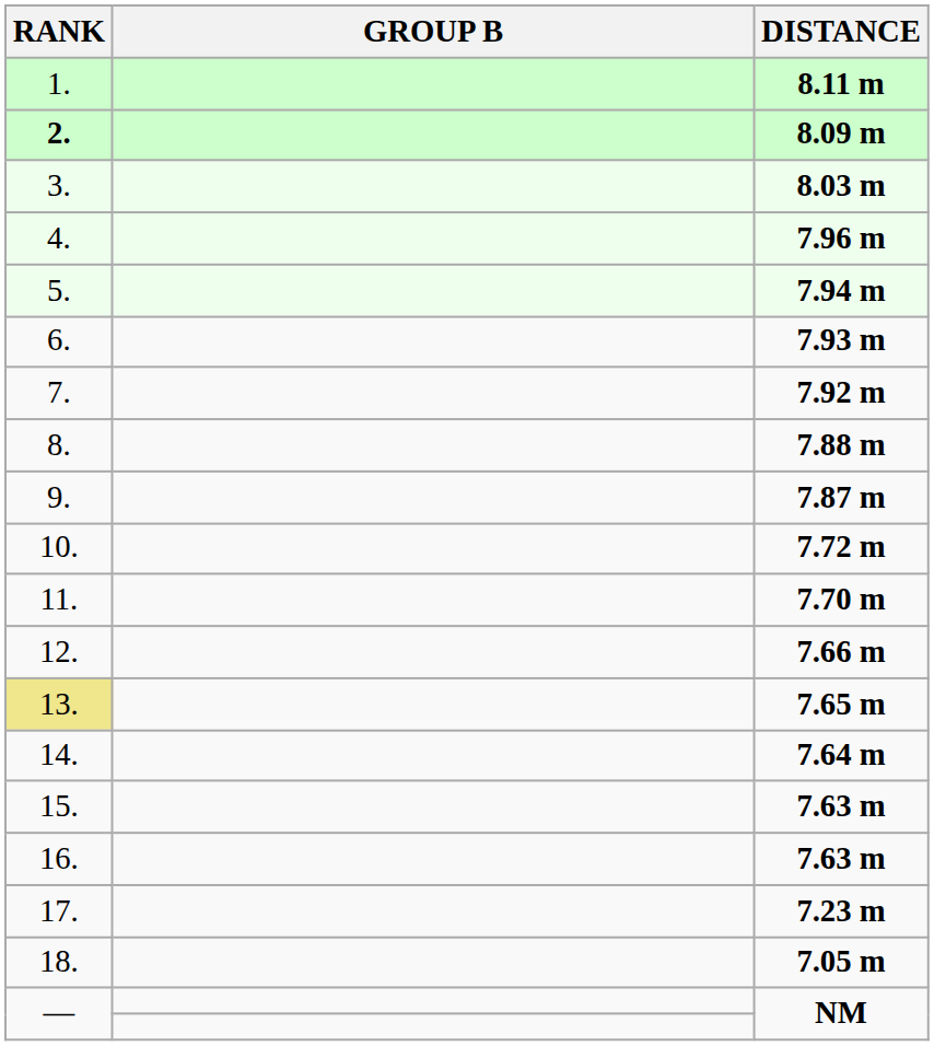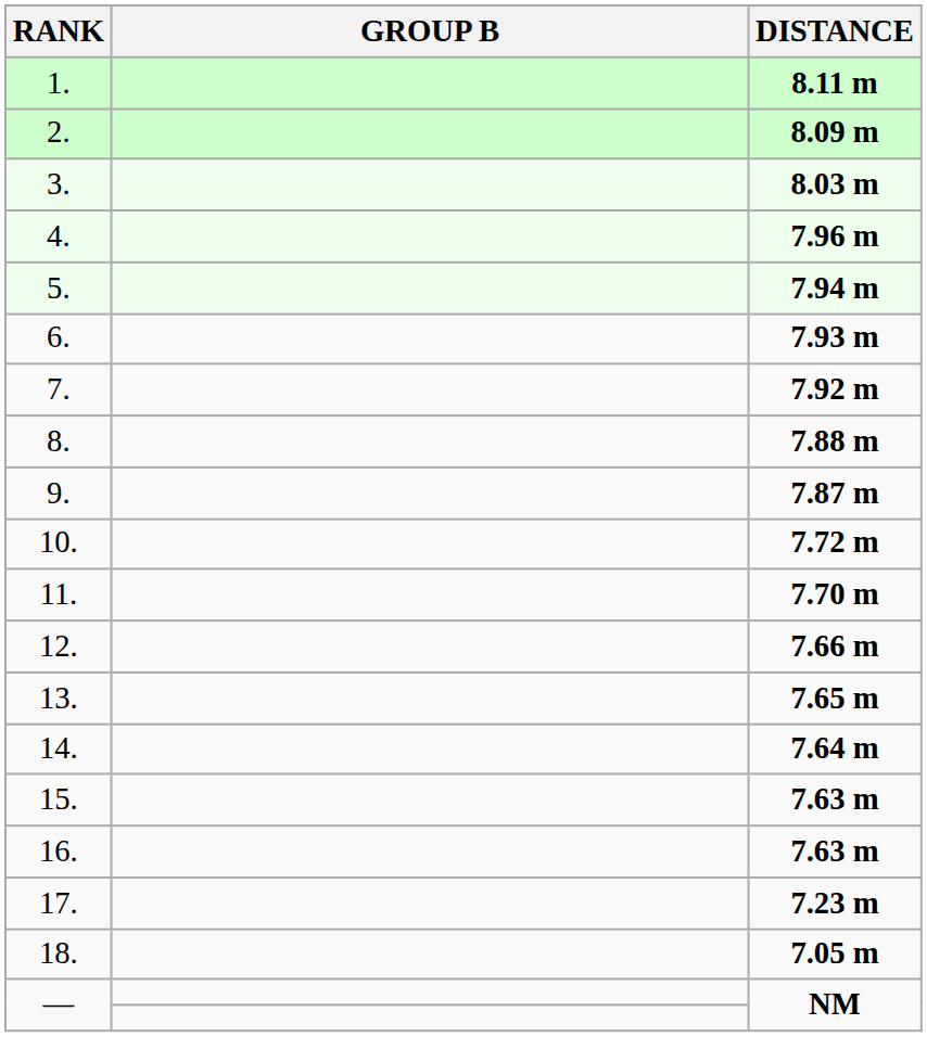 <table class="wikitable" style="border-collapse: collapse; font-size: 90%;">
 <tr>
 <th>RANK</th>
 <th style="width: 20em">GROUP B</th>
 <th style="width: 5em">DISTANCE</th>
 </tr>
 <tr style="background:#ccffcc;">
 <td align="center">1.</td>
 <td></td>
 <td align="center"><strong>8.11 m </strong></td>
 </tr>
 <tr style="background:#ccffcc;">
-<td align="center"><strong>2.</strong></td>
+<td align="center">2.</td>
 <td></td>
 <td align="center"><strong>8.09 m </strong></td>
 </tr>
 <tr style="background:#eeffee;">
 <td align="center">3.</td>
 <td></td>
 <td align="center"><strong>8.03 m </strong></td>
 </tr>
 <tr style="background:#eeffee;">
 <td align="center">4.</td>
 <td></td>
 <td align="center"><strong>7.96 m </strong></td>
 </tr>
 <tr style="background:#eeffee;">
 <td align="center">5.</td>
 <td></td>
 <td align="center"><strong>7.94 m </strong></td>
 </tr>
 <tr>
 <td align="center">6.</td>
 <td></td>
 <td align="center"><strong>7.93 m </strong></td>
 </tr>
 <tr>
 <td align="center">7.</td>
 <td></td>
 <td align="center"><strong>7.92 m </strong></td>
 </tr>
 <tr>
 <td align="center">8.</td>
 <td></td>
 <td align="center"><strong>7.88 m </strong></td>
 </tr>
 <tr>
 <td align="center">9.</td>
 <td></td>
 <td align="center"><strong>7.87 m </strong></td>
 </tr>
 <tr>
 <td align="center">10.</td>
 <td></td>
 <td align="center"><strong>7.72 m </strong></td>
 </tr>
 <tr>
 <td align="center">11.</td>
 <td></td>
 <td align="center"><strong>7.70 m </strong></td>
 </tr>
 <tr>
 <td align="center">12.</td>
 <td></td>
 <td align="center"><strong>7.66 m </strong></td>
 </tr>
 <tr>
-<td align="center" style="background: khaki;">13.</td>
+<td align="center">13.</td>
 <td></td>
 <td align="center"><strong>7.65 m </strong></td>
 </tr>
 <tr>
 <td align="center">14.</td>
 <td></td>
 <td align="center"><strong>7.64 m </strong></td>
 </tr>
 <tr>
 <td align="center">15.</td>
 <td></td>
 <td align="center"><strong>7.63 m </strong></td>
 </tr>
 <tr>
 <td align="center">16.</td>
 <td></td>
 <td align="center"><strong>7.63 m </strong></td>
 </tr>
 <tr>
 <td align="center">17.</td>
 <td></td>
 <td align="center"><strong>7.23 m </strong></td>
 </tr>
 <tr>
 <td align="center">18.</td>
 <td></td>
 <td align="center"><strong>7.05 m </strong></td>
 </tr>
 <tr>
 <td rowspan=2 align="center">—</td>
 <td></td>
 <td rowspan=2 align="center"><strong>NM</strong></td>
 </tr>
 <tr>
 <td></td>
 </tr>
 </table>
